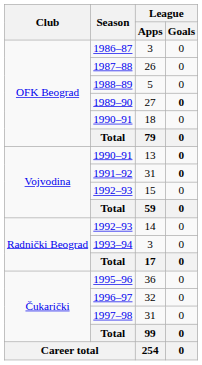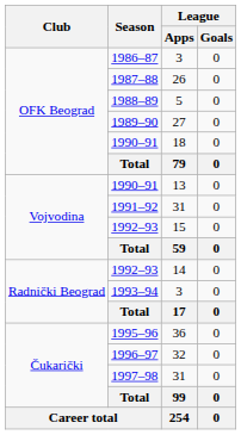 <table class="wikitable" style="text-align:center">
 <tr>
 <th rowspan="2">Club</th>
 <th rowspan="2">Season</th>
 <th colspan="2">League</th>
 </tr>
 <tr>
 <th>Apps</th>
 <th>Goals</th>
 </tr>
 <tr>
 <td rowspan="6"><a href='#'>OFK Beograd</a></td>
 <td><a href='#'>1986–87</a></td>
 <td>3</td>
 <td>0</td>
 </tr>
 <tr>
 <td><a href='#'>1987–88</a></td>
 <td>26</td>
 <td>0</td>
 </tr>
 <tr>
 <td><a href='#'>1988–89</a></td>
 <td>5</td>
 <td>0</td>
 </tr>
 <tr>
 <td><a href='#'>1989–90</a></td>
 <td>27</td>
-<td><strong>0</strong></td>
+<td>0</td>
 </tr>
 <tr>
 <td><a href='#'>1990–91</a></td>
 <td>18</td>
 <td>0</td>
 </tr>
 <tr>
 <th>Total</th>
 <th>79</th>
 <th>0</th>
 </tr>
 <tr>
 <td rowspan="4"><a href='#'>Vojvodina</a></td>
 <td><a href='#'>1990–91</a></td>
 <td>13</td>
-<td><strong>0</strong></td>
+<td>0</td>
 </tr>
 <tr>
 <td><a href='#'>1991–92</a></td>
 <td>31</td>
-<td><strong>0</strong></td>
+<td>0</td>
 </tr>
 <tr>
 <td><a href='#'>1992–93</a></td>
 <td>15</td>
 <td>0</td>
 </tr>
 <tr>
 <th>Total</th>
 <th>59</th>
 <th>0</th>
 </tr>
 <tr>
 <td rowspan="3"><a href='#'>Radnički Beograd</a></td>
 <td><a href='#'>1992–93</a></td>
 <td>14</td>
 <td>0</td>
 </tr>
 <tr>
 <td><a href='#'>1993–94</a></td>
 <td>3</td>
 <td>0</td>
 </tr>
 <tr>
 <th>Total</th>
 <th>17</th>
 <th>0</th>
 </tr>
 <tr>
 <td rowspan="4"><a href='#'>Čukarički</a></td>
 <td><a href='#'>1995–96</a></td>
 <td>36</td>
 <td>0</td>
 </tr>
 <tr>
 <td><a href='#'>1996–97</a></td>
 <td>32</td>
 <td>0</td>
 </tr>
 <tr>
 <td><a href='#'>1997–98</a></td>
 <td>31</td>
 <td>0</td>
 </tr>
 <tr>
 <th>Total</th>
 <th>99</th>
 <th>0</th>
 </tr>
 <tr>
 <th colspan="2">Career total</th>
 <th>254</th>
 <th>0</th>
 </tr>
 </table>
